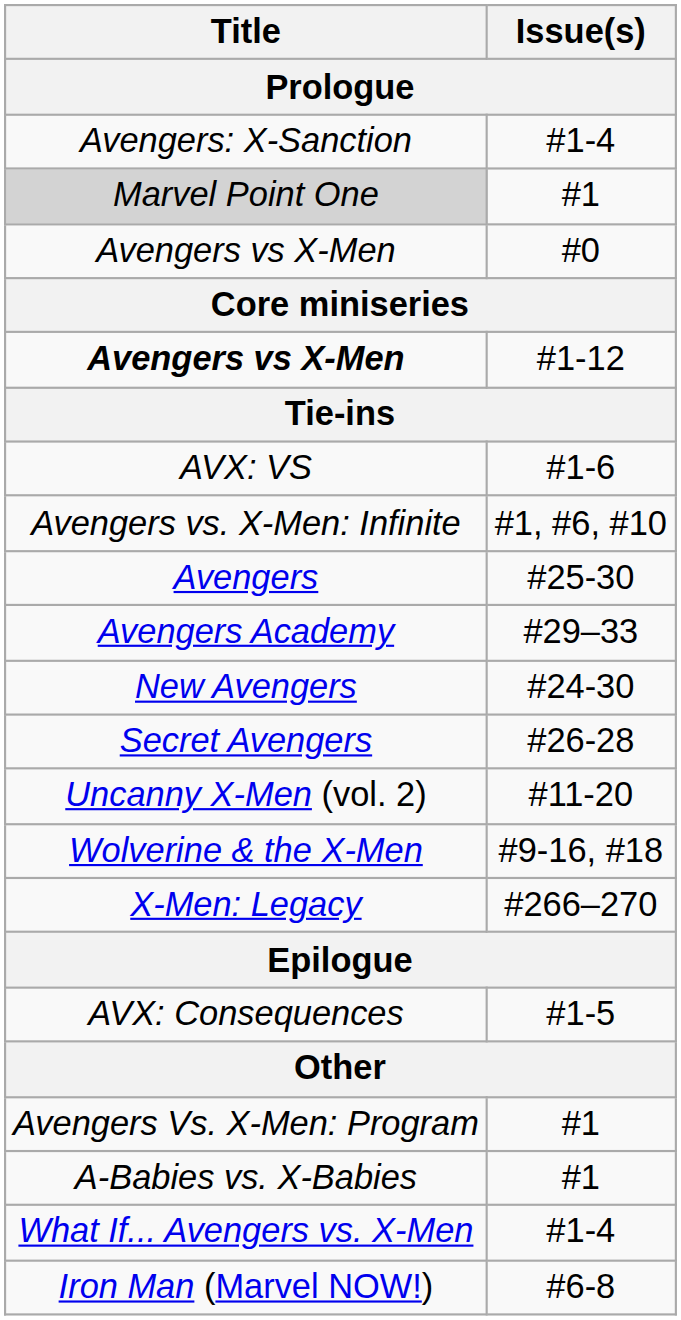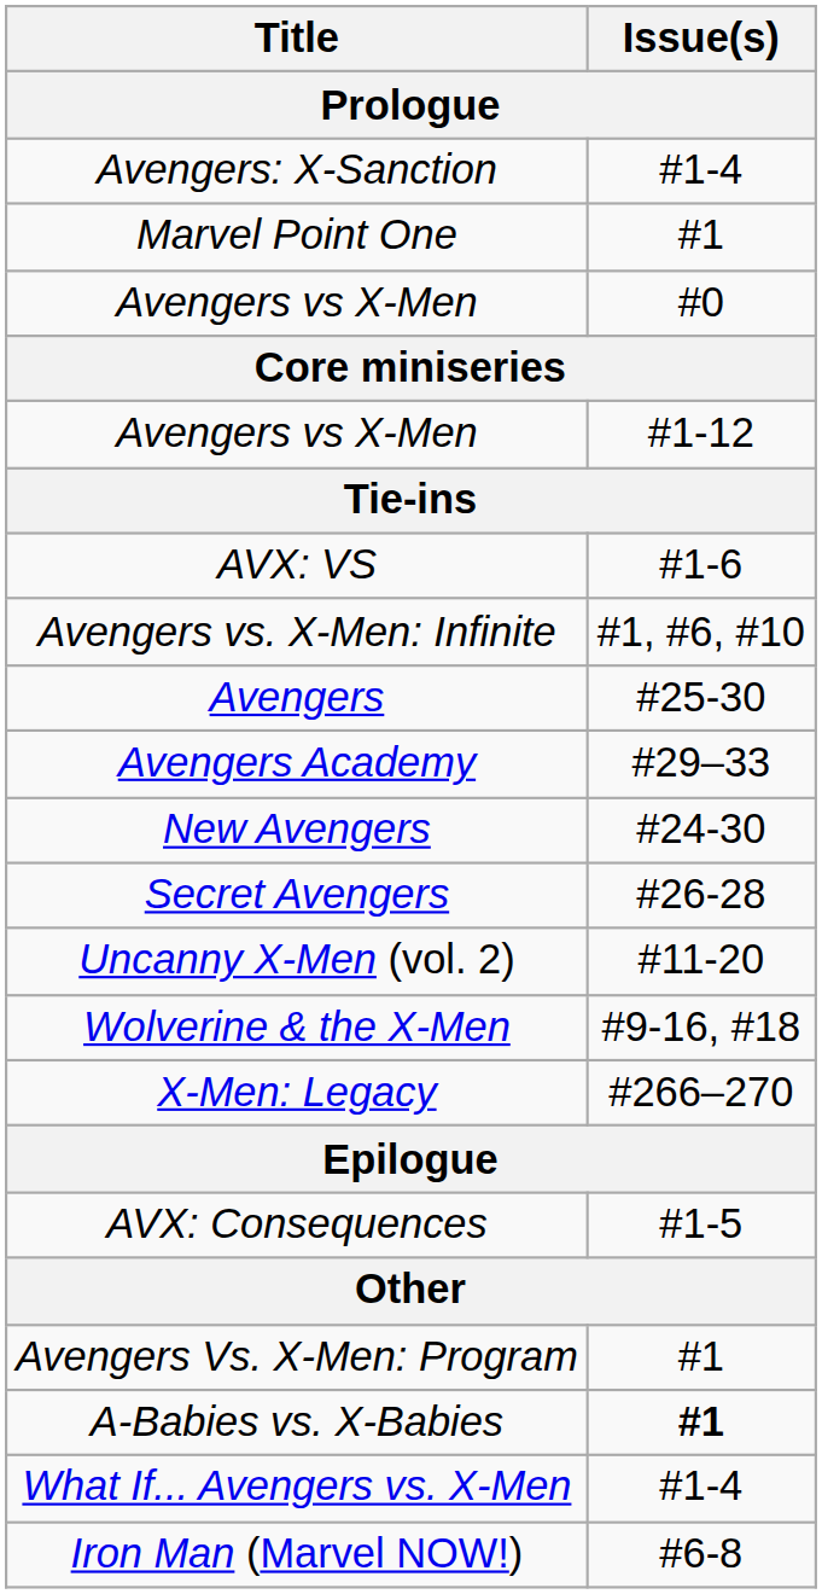 <table class="wikitable" style="text-align:center; width:auto;">
 <tr>
 <th>Title</th>
 <th>Issue(s)</th>
 </tr>
 <tr>
 <th colspan="2">Prologue</th>
 </tr>
 <tr>
 <td><em>Avengers: X-Sanction</em></td>
 <td>#1-4</td>
 </tr>
 <tr>
-<td style="background: lightgrey;"><em>Marvel Point One</em></td>
+<td><em>Marvel Point One</em></td>
 <td>#1</td>
 </tr>
 <tr>
 <td><em>Avengers vs X-Men</em></td>
 <td>#0</td>
 </tr>
 <tr>
 <th colspan="3">Core miniseries</th>
 </tr>
 <tr>
-<td><strong><em>Avengers vs X-Men</em></strong></td>
+<td><em>Avengers vs X-Men</em></td>
 <td>#1-12</td>
 </tr>
 <tr>
 <th colspan="2">Tie-ins</th>
 </tr>
 <tr>
 <td><em>AVX: VS</em></td>
 <td>#1-6</td>
 </tr>
 <tr>
 <td><em>Avengers vs. X-Men: Infinite</em></td>
 <td>#1, #6, #10</td>
 </tr>
 <tr>
 <td><em><a href='#'>Avengers</a></em></td>
 <td>#25-30</td>
 </tr>
 <tr>
 <td><em><a href='#'>Avengers Academy</a></em></td>
 <td>#29–33</td>
 </tr>
 <tr>
 <td><em><a href='#'>New Avengers</a></em></td>
 <td>#24-30</td>
 </tr>
 <tr>
 <td><em><a href='#'>Secret Avengers</a></em></td>
 <td>#26-28</td>
 </tr>
 <tr>
 <td><em><a href='#'>Uncanny X-Men</a></em> (vol. 2)</td>
 <td>#11-20</td>
 </tr>
 <tr>
 <td><em><a href='#'>Wolverine & the X-Men</a></em></td>
 <td>#9-16, #18</td>
 </tr>
 <tr>
 <td><em><a href='#'>X-Men: Legacy</a></em></td>
 <td>#266–270</td>
 </tr>
 <tr>
 <th colspan="3">Epilogue</th>
 </tr>
 <tr>
 <td><em>AVX: Consequences</em></td>
 <td>#1-5</td>
 </tr>
 <tr>
 <th colspan="3">Other</th>
 </tr>
 <tr>
 <td><em>Avengers Vs. X-Men: Program</em></td>
 <td>#1</td>
 </tr>
 <tr>
 <td><em>A-Babies vs. X-Babies</em></td>
-<td>#1</td>
+<td><strong>#1</strong></td>
 </tr>
 <tr>
 <td><em><a href='#'>What If... Avengers vs. X-Men</a></em></td>
 <td>#1-4</td>
 </tr>
 <tr>
 <td><em><a href='#'>Iron Man</a></em> (<a href='#'>Marvel NOW!</a>)</td>
 <td>#6-8</td>
 </tr>
 </table>
